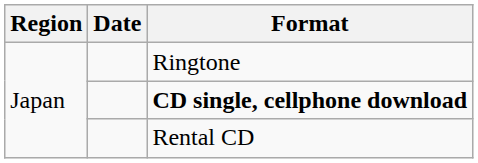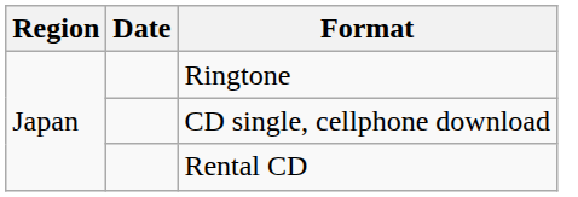 <table class="wikitable">
 <tr>
 <th>Region</th>
 <th>Date</th>
 <th>Format</th>
 </tr>
 <tr>
 <td rowspan="3">Japan</td>
 <td></td>
 <td>Ringtone</td>
 </tr>
 <tr>
 <td></td>
-<td><strong>CD single, cellphone download</strong></td>
+<td>CD single, cellphone download</td>
 </tr>
 <tr>
 <td></td>
 <td>Rental CD</td>
 </tr>
 </table>
